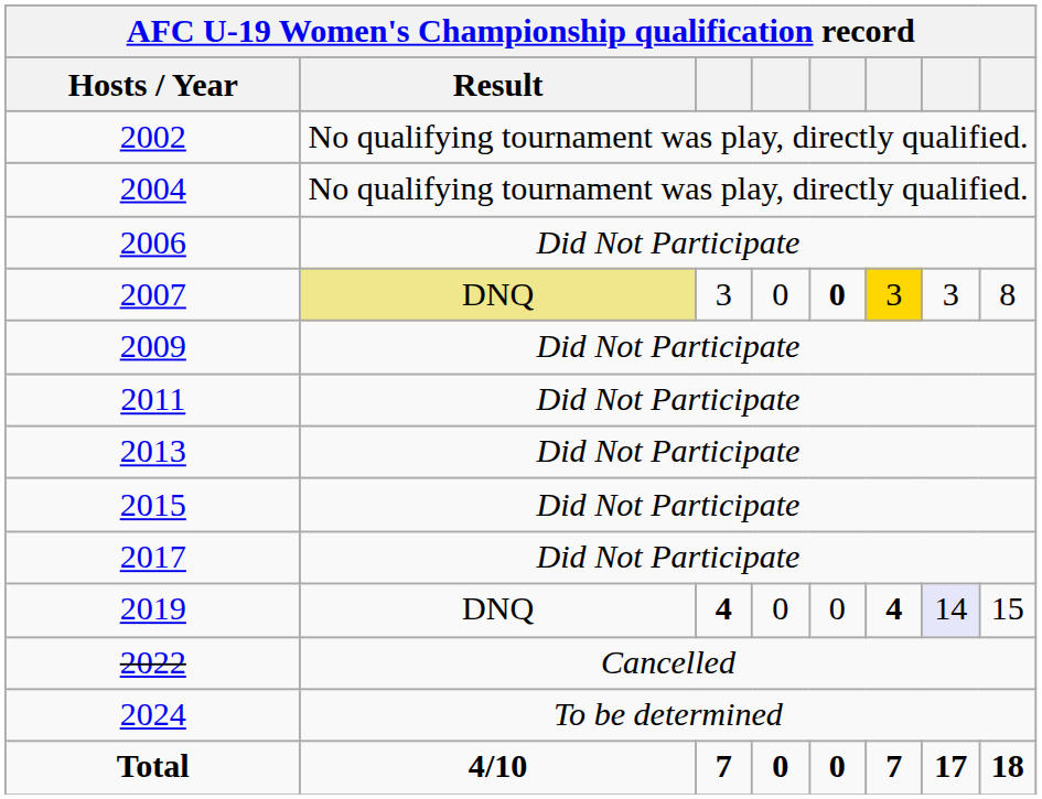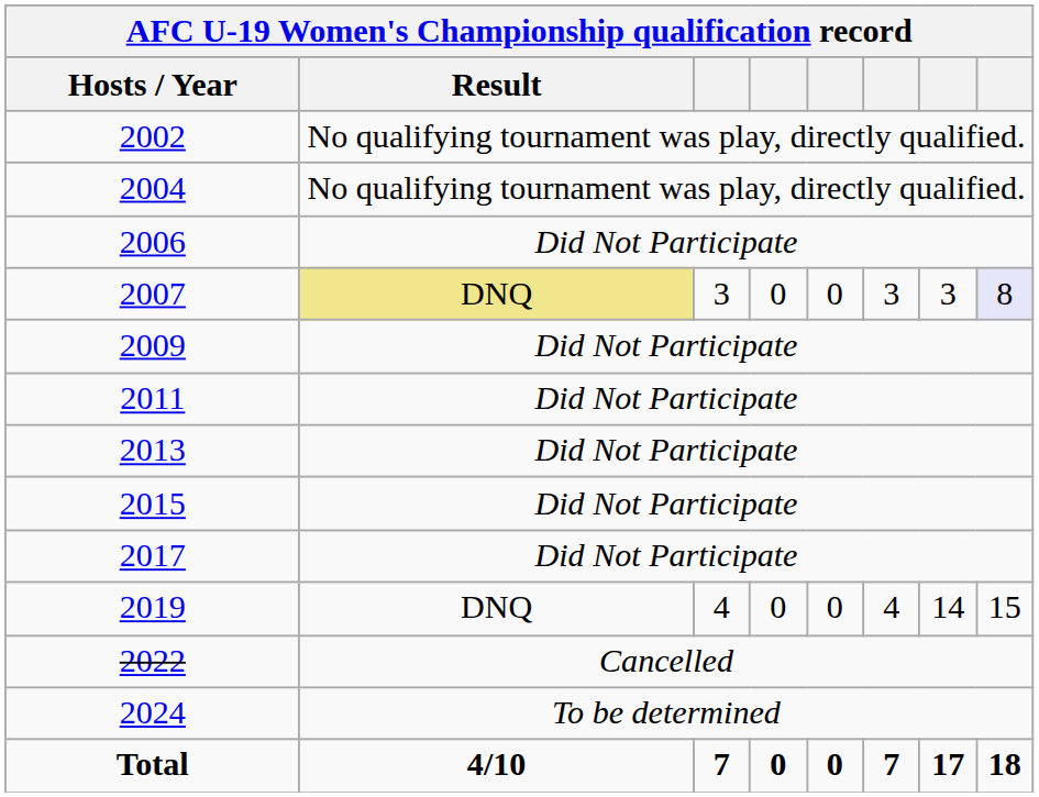 <table class="wikitable" style="text-align: center;">
 <tr>
 <th colspan=9><a href='#'>AFC U-19 Women's Championship qualification</a> record</th>
 </tr>
 <tr>
 <th>Hosts / Year</th>
 <th>Result</th>
 <th width=20></th>
 <th width=20></th>
 <th width=20></th>
 <th width=20></th>
 <th width=20></th>
 <th width=20></th>
 </tr>
 <tr>
 <td> <a href='#'>2002</a></td>
 <td colspan=10>No qualifying tournament was play, directly qualified.</td>
 </tr>
 <tr>
 <td> <a href='#'>2004</a></td>
 <td colspan=10>No qualifying tournament was play, directly qualified.</td>
 </tr>
 <tr>
 <td> <a href='#'>2006</a></td>
 <td colspan=10><em>Did Not Participate</em></td>
 </tr>
 <tr>
 <td> <a href='#'>2007</a></td>
 <td style="background: khaki;">DNQ</td>
 <td>3</td>
 <td>0</td>
-<td><strong>0</strong></td>
-<td style="background: gold;">3</td>
+<td>0</td>
 <td>3</td>
-<td>8</td>
+<td>3</td>
+<td style="background: lavender;">8</td>
 </tr>
 <tr>
 <td> <a href='#'>2009</a></td>
 <td colspan=10><em>Did Not Participate</em></td>
 </tr>
 <tr>
 <td> <a href='#'>2011</a></td>
 <td colspan=10><em>Did Not Participate</em></td>
 </tr>
 <tr>
 <td> <a href='#'>2013</a></td>
 <td colspan=10><em>Did Not Participate</em></td>
 </tr>
 <tr>
 <td> <a href='#'>2015</a></td>
 <td colspan=10><em>Did Not Participate</em></td>
 </tr>
 <tr>
 <td> <a href='#'>2017</a></td>
 <td colspan=10><em>Did Not Participate</em></td>
 </tr>
 <tr>
 <td> <a href='#'>2019</a></td>
 <td>DNQ</td>
-<td><strong>4</strong></td>
+<td>4</td>
 <td>0</td>
 <td>0</td>
-<td><strong>4</strong></td>
-<td style="background: lavender;">14</td>
+<td>4</td>
+<td>14</td>
 <td>15</td>
 </tr>
 <tr>
 <td><s> <a href='#'>2022</a></s></td>
 <td colspan=10><em>Cancelled</em></td>
 </tr>
 <tr>
 <td> <a href='#'>2024</a></td>
 <td colspan=10><em>To be determined</em></td>
 </tr>
 <tr>
 <td><strong>Total</strong></td>
 <td><strong>4/10</strong></td>
 <td><strong>7</strong></td>
 <td><strong>0</strong></td>
 <td><strong>0</strong></td>
 <td><strong>7</strong></td>
 <td><strong>17</strong></td>
 <td><strong>18</strong></td>
 </tr>
 </table>
